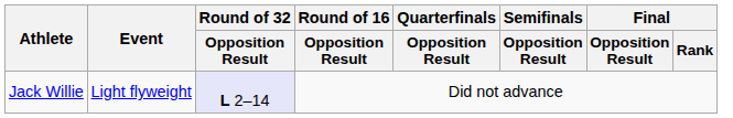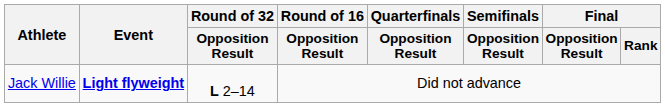 <table class="wikitable" style="font-size:90%">
 <tr>
 <th rowspan="2">Athlete</th>
 <th rowspan="2">Event</th>
 <th>Round of 32</th>
 <th>Round of 16</th>
 <th>Quarterfinals</th>
 <th>Semifinals</th>
 <th colspan=2>Final</th>
 </tr>
 <tr style="font-size:95%">
 <th>Opposition<br>Result</th>
 <th>Opposition<br>Result</th>
 <th>Opposition<br>Result</th>
 <th>Opposition<br>Result</th>
 <th>Opposition<br>Result</th>
 <th>Rank</th>
 </tr>
 <tr align=center>
 <td align=left><a href='#'>Jack Willie</a></td>
-<td align=left><a href='#'>Light flyweight</a></td>
-<td style="background: lavender;"> <br><strong>L</strong> 2–14</td>
+<td align=left><strong><a href='#'>Light flyweight</a></strong></td>
+<td> <br><strong>L</strong> 2–14</td>
 <td colspan=5>Did not advance</td>
 </tr>
 </table>
